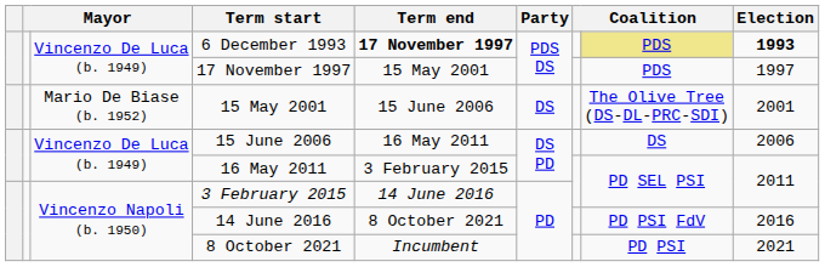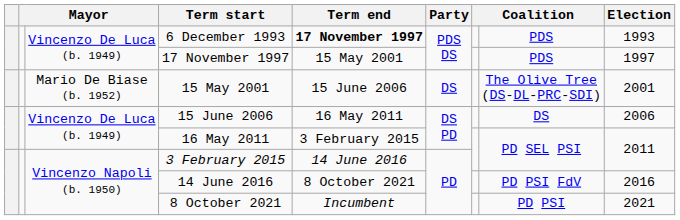 <table class="wikitable" style="text-align: center;">
 <tr>
 <th class=unsortable> </th>
 <th colspan=2>Mayor</th>
 <th>Term start</th>
 <th>Term end</th>
 <th>Party</th>
 <th colspan="2">Coalition</th>
 <th>Election</th>
 </tr>
 <tr>
 <th rowspan=2 style="background:"><small></small></th>
 <td rowspan=2></td>
 <td rowspan=2><a href='#'>Vincenzo De Luca</a> <br><small>(b. 1949)</small></td>
 <td>6 December 1993</td>
 <td><strong>17 November 1997</strong></td>
 <td rowspan=2><a href='#'>PDS</a><br><a href='#'>DS</a></td>
 <td style="background: "></td>
-<td style="background: khaki;"><a href='#'>PDS</a></td>
-<td><strong>1993</strong></td>
+<td><a href='#'>PDS</a></td>
+<td>1993</td>
 </tr>
 <tr>
 <td>17 November 1997</td>
 <td>15 May 2001</td>
 <td style="background: "></td>
 <td><a href='#'>PDS</a></td>
 <td>1997</td>
 </tr>
 <tr>
 <th style="background:"></th>
 <td></td>
 <td>Mario De Biase<br><small>(b. 1952)</small></td>
 <td>15 May 2001</td>
 <td>15 June 2006</td>
 <td><a href='#'>DS</a></td>
 <td style="background: "></td>
 <td><a href='#'>The Olive Tree</a><br>(<a href='#'>DS</a>-<a href='#'>DL</a>-<a href='#'>PRC</a>-<a href='#'>SDI</a>)</td>
 <td>2001</td>
 </tr>
 <tr>
 <th rowspan=2 style="background:"><small></small></th>
 <td rowspan=2></td>
 <td rowspan=2><a href='#'>Vincenzo De Luca</a> <br><small>(b. 1949)</small></td>
 <td>15 June 2006</td>
 <td>16 May 2011</td>
 <td rowspan=2><a href='#'>DS</a><br><a href='#'>PD</a></td>
 <td style="background: "></td>
 <td><a href='#'>DS</a></td>
 <td>2006</td>
 </tr>
 <tr>
 <td>16 May 2011</td>
 <td>3 February 2015</td>
 <td rowspan=2 style="background: "></td>
 <td rowspan=2><a href='#'>PD</a>  <a href='#'>SEL</a>  <a href='#'>PSI</a></td>
 <td rowspan=2>2011</td>
 </tr>
 <tr>
 <th rowspan=3 style="background:"></th>
 <td rowspan=3></td>
 <td rowspan=3><a href='#'>Vincenzo Napoli</a> <br><small>(b. 1950)</small></td>
 <td><em>3 February 2015</em></td>
 <td><em>14 June 2016</em></td>
 <td rowspan=3><a href='#'>PD</a></td>
 </tr>
 <tr>
 <td>14 June 2016</td>
 <td>8 October 2021</td>
 <td style="background: "></td>
 <td><a href='#'>PD</a>  <a href='#'>PSI</a>  <a href='#'>FdV</a></td>
 <td>2016</td>
 </tr>
 <tr>
 <td>8 October 2021</td>
 <td><em>Incumbent</em></td>
 <td style="background: "></td>
 <td><a href='#'>PD</a>  <a href='#'>PSI</a></td>
 <td>2021</td>
 </tr>
 </table>
